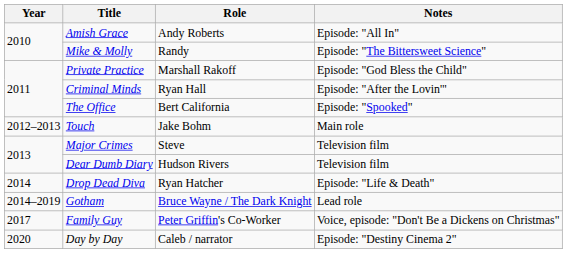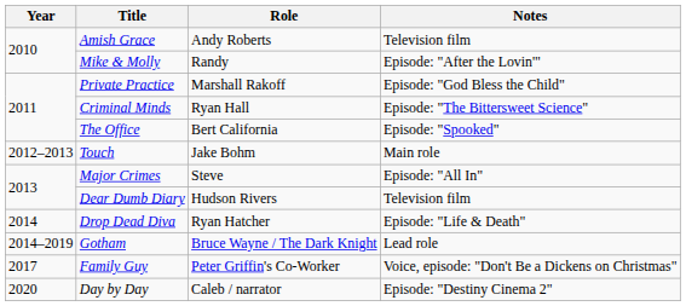 <table class="wikitable sortable">
 <tr>
 <th>Year</th>
 <th>Title</th>
 <th>Role</th>
 <th class="unsortable">Notes</th>
 </tr>
 <tr>
 <td rowspan="2">2010</td>
 <td><em><a href='#'>Amish Grace</a></em></td>
 <td>Andy Roberts</td>
-<td>Episode: "All In"</td>
+<td>Television film</td>
 </tr>
 <tr>
 <td><em><a href='#'>Mike & Molly</a></em></td>
 <td>Randy</td>
-<td>Episode: "<a href='#'>The Bittersweet Science</a>"</td>
+<td>Episode: "After the Lovin'"</td>
 </tr>
 <tr>
 <td rowspan="3">2011</td>
 <td><em><a href='#'>Private Practice</a></em></td>
 <td>Marshall Rakoff</td>
 <td>Episode: "God Bless the Child"</td>
 </tr>
 <tr>
 <td><em><a href='#'>Criminal Minds</a></em></td>
 <td>Ryan Hall</td>
-<td>Episode: "After the Lovin'"</td>
+<td>Episode: "<a href='#'>The Bittersweet Science</a>"</td>
 </tr>
 <tr>
 <td data-sort-value="Office, The"><em><a href='#'>The Office</a></em></td>
 <td>Bert California</td>
 <td>Episode: "<a href='#'>Spooked</a>"</td>
 </tr>
 <tr>
 <td>2012–2013</td>
 <td><em><a href='#'>Touch</a></em></td>
 <td>Jake Bohm</td>
 <td>Main role</td>
 </tr>
 <tr>
 <td rowspan="2">2013</td>
 <td><em><a href='#'>Major Crimes</a></em></td>
 <td>Steve</td>
-<td>Television film</td>
+<td>Episode: "All In"</td>
 </tr>
 <tr>
 <td><em><a href='#'>Dear Dumb Diary</a></em></td>
 <td>Hudson Rivers</td>
 <td>Television film</td>
 </tr>
 <tr>
 <td>2014</td>
 <td><em><a href='#'>Drop Dead Diva</a></em></td>
 <td>Ryan Hatcher</td>
 <td>Episode: "Life & Death"</td>
 </tr>
 <tr>
 <td>2014–2019</td>
 <td><em><a href='#'>Gotham</a></em></td>
 <td><a href='#'>Bruce Wayne / The Dark Knight</a></td>
 <td>Lead role</td>
 </tr>
 <tr>
 <td>2017</td>
 <td><em><a href='#'>Family Guy</a></em></td>
 <td><a href='#'>Peter Griffin</a>'s Co-Worker</td>
 <td>Voice, episode: "Don't Be a Dickens on Christmas"</td>
 </tr>
 <tr>
 <td>2020</td>
 <td><em>Day by Day</em></td>
 <td>Caleb / narrator</td>
 <td>Episode: "Destiny Cinema 2"</td>
 </tr>
 </table>
